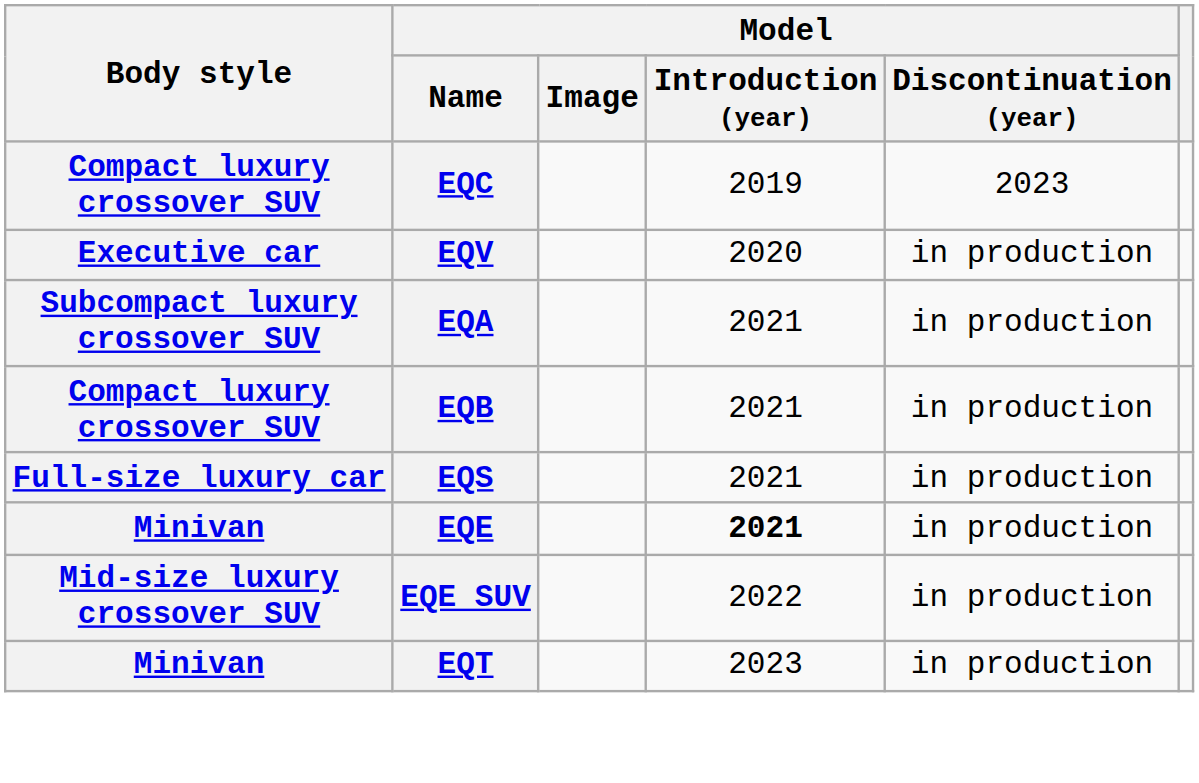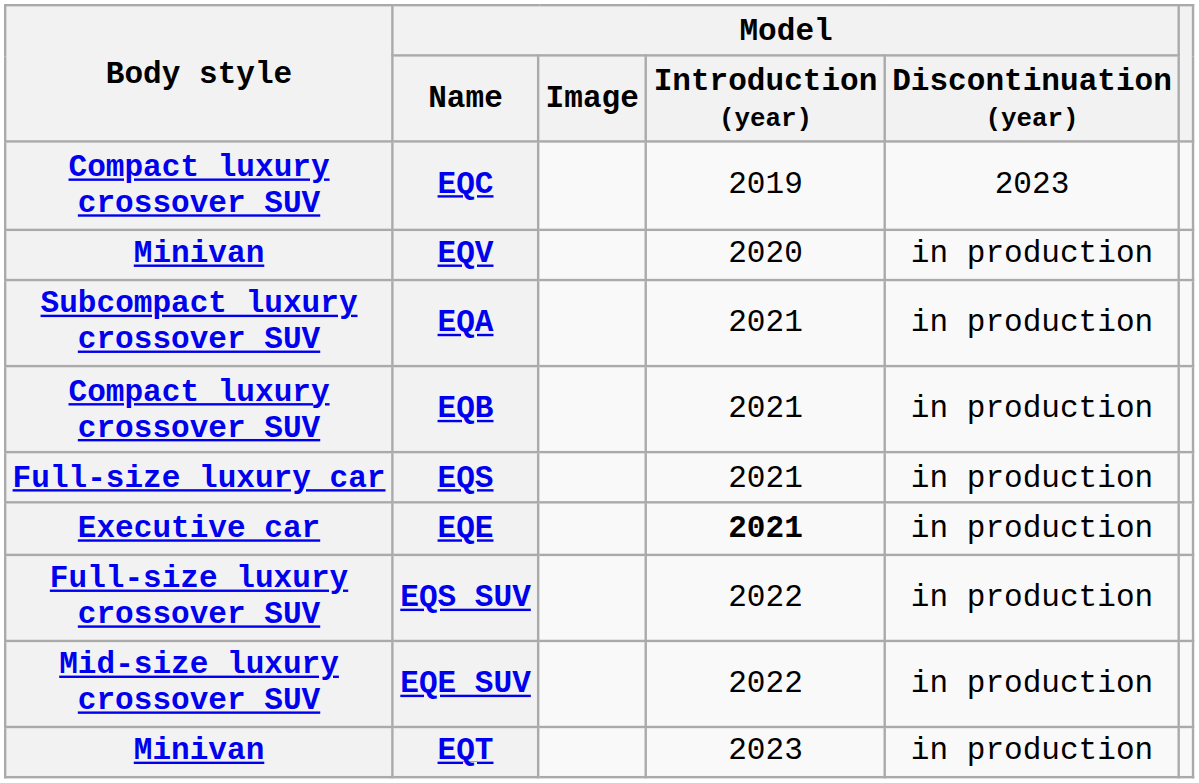 <table class="wikitable sortable" style="text-align: center">
 <tr>
 <th scope="col" rowspan="2">Body style</th>
 <th scope="colgroup" colspan="4">Model</th>
 <th scope="col" rowspan="2" class="unsortable"></th>
 </tr>
 <tr>
 <th scope="col">Name</th>
 <th scope="col" class="unsortable">Image</th>
 <th scope="col">Introduction<br><small>(year)</small></th>
 <th scope="col">Discontinuation<br><small>(year)</small></th>
 </tr>
 <tr>
 <th scope="row"><a href='#'>Compact luxury<br>crossover SUV</a></th>
 <th scope="row"><a href='#'>EQC</a></th>
 <td></td>
 <td>2019</td>
 <td>2023</td>
 <td></td>
 </tr>
 <tr>
-<th scope="row"><a href='#'>Executive car</a></th>
+<th scope="row"><a href='#'>Minivan</a></th>
 <th scope="row"><a href='#'>EQV</a></th>
 <td></td>
 <td>2020</td>
 <td>in production</td>
 <td></td>
 </tr>
 <tr>
 <th scope="row"><a href='#'>Subcompact luxury<br>crossover SUV</a></th>
 <th scope="row"><a href='#'>EQA</a></th>
 <td></td>
 <td>2021</td>
 <td>in production</td>
 <td></td>
 </tr>
 <tr>
 <th scope="row"><a href='#'>Compact luxury<br>crossover SUV</a></th>
 <th scope="row"><a href='#'>EQB</a></th>
 <td></td>
 <td>2021</td>
 <td>in production</td>
 <td></td>
 </tr>
 <tr>
 <th scope="row"><a href='#'>Full-size luxury car</a></th>
 <th scope="row"><a href='#'>EQS</a></th>
 <td></td>
 <td>2021</td>
 <td>in production</td>
 <td></td>
 </tr>
 <tr>
-<th scope="row"><a href='#'>Minivan</a></th>
+<th scope="row"><a href='#'>Executive car</a></th>
 <th scope="row"><a href='#'>EQE</a></th>
 <td></td>
 <td><strong>2021</strong></td>
+<td>in production</td>
+<td></td>
+</tr>
+<tr>
+<th scope="row"><a href='#'>Full-size luxury<br>crossover SUV</a></th>
+<th scope="row"><a href='#'>EQS SUV</a></th>
+<td></td>
+<td>2022</td>
 <td>in production</td>
 <td></td>
 </tr>
 <tr>
 <th scope="row"><a href='#'>Mid-size luxury<br>crossover SUV</a></th>
 <th scope="row"><a href='#'>EQE SUV</a></th>
 <td></td>
 <td>2022</td>
 <td>in production</td>
 <td></td>
 </tr>
 <tr>
 <th scope="row"><a href='#'>Minivan</a></th>
 <th scope="row"><a href='#'>EQT</a></th>
 <td></td>
 <td>2023</td>
 <td>in production</td>
 <td></td>
 </tr>
 </table>
